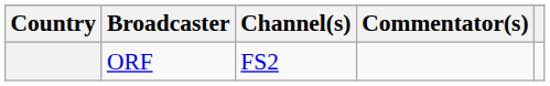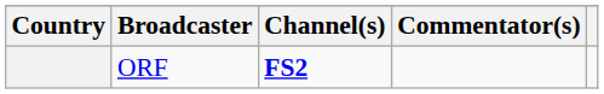 <table class="wikitable plainrowheaders">
 <tr>
 </tr>
 <tr>
 <th scope="col">Country</th>
 <th scope="col">Broadcaster</th>
 <th scope="col">Channel(s)</th>
 <th scope="col">Commentator(s)</th>
 <th scope="col"></th>
 </tr>
 <tr>
 <th scope="row"></th>
 <td><a href='#'>ORF</a></td>
-<td><a href='#'>FS2</a></td>
+<td><strong><a href='#'>FS2</a></strong></td>
 <td></td>
 <td style="text-align:center"></td>
 </tr>
 </table>
